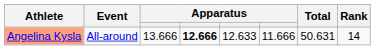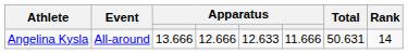 <table class="wikitable" style="font-size:90%">
 <tr>
 <th rowspan=2>Athlete</th>
 <th rowspan=2>Event</th>
 <th colspan=4>Apparatus</th>
 <th rowspan=2>Total</th>
 <th rowspan=2>Rank</th>
 </tr>
 <tr style="font-size:95%">
 <th></th>
 <th></th>
 <th></th>
 <th></th>
 </tr>
 <tr align=center>
-<td align=left style="background: lightsalmon;"><a href='#'>Angelina Kysla</a></td>
+<td align=left><a href='#'>Angelina Kysla</a></td>
 <td align=left><a href='#'>All-around</a></td>
 <td>13.666</td>
-<td><strong>12.666</strong></td>
+<td>12.666</td>
 <td>12.633</td>
 <td>11.666</td>
 <td>50.631</td>
 <td>14</td>
 </tr>
 </table>
